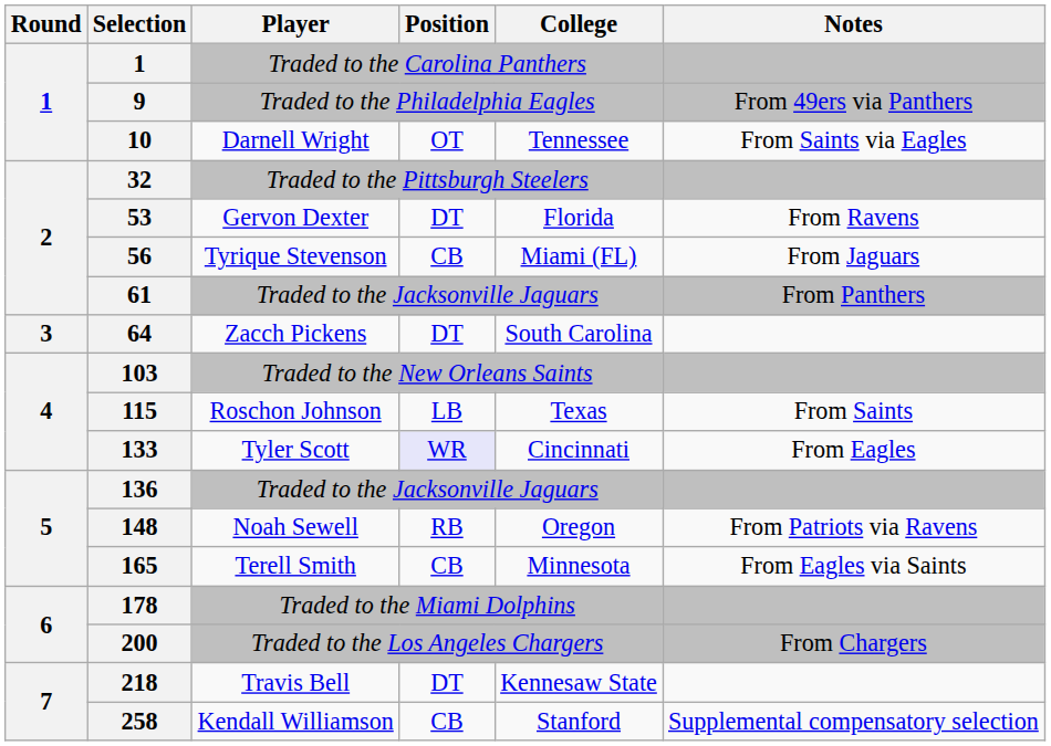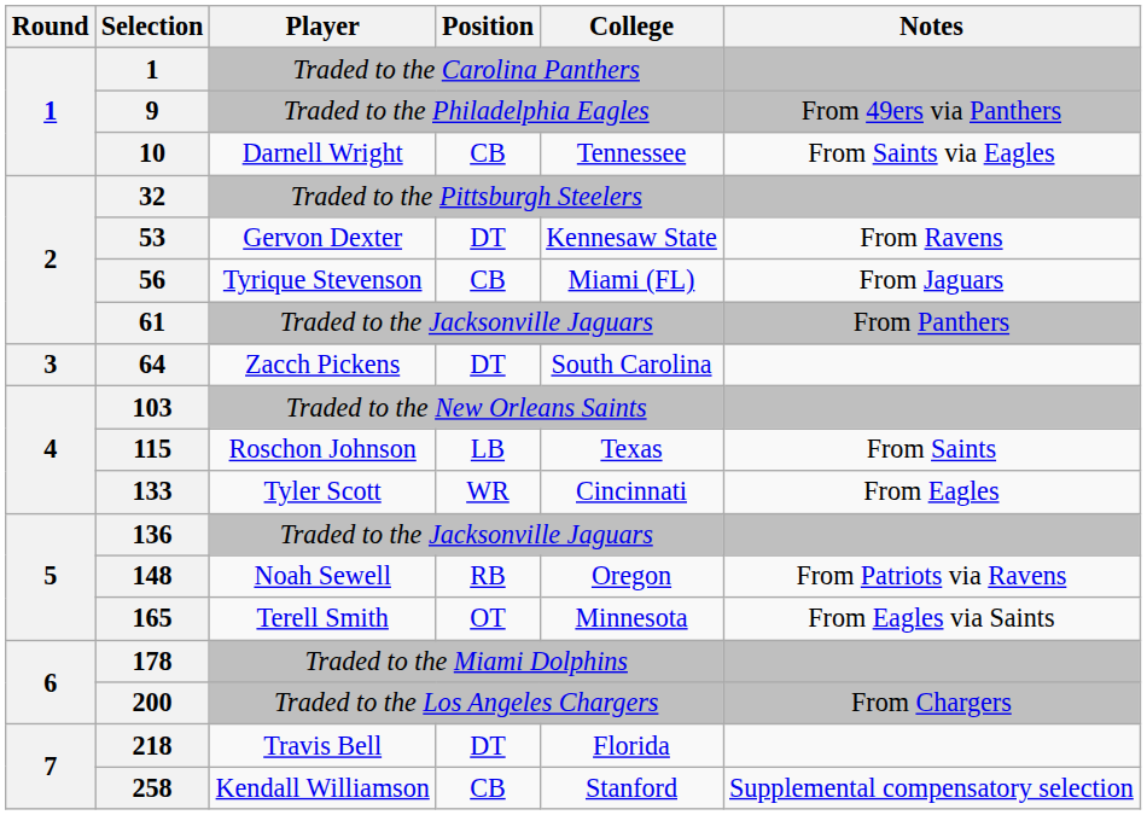 <table class="wikitable" style="text-align:center">
 <tr>
 <th>Round</th>
 <th>Selection</th>
 <th>Player</th>
 <th>Position</th>
 <th>College</th>
 <th>Notes</th>
 </tr>
 <tr>
 <th rowspan="3"><a href='#'>1</a></th>
 <th>1</th>
 <td colspan="3" style="background:#BFBFBF"><em>Traded to the <a href='#'>Carolina Panthers</a></em></td>
 <td style="background:#BFBFBF"></td>
 </tr>
 <tr>
 <th>9</th>
 <td colspan="3" style="background:#BFBFBF"><em>Traded to the <a href='#'>Philadelphia Eagles</a></em></td>
 <td style="background:#BFBFBF">From <a href='#'>49ers</a> via <a href='#'>Panthers</a></td>
 </tr>
 <tr>
 <th>10</th>
 <td><a href='#'>Darnell Wright</a></td>
-<td><a href='#'>OT</a></td>
+<td><a href='#'>CB</a></td>
 <td><a href='#'>Tennessee</a></td>
 <td>From <a href='#'>Saints</a> via <a href='#'>Eagles</a></td>
 </tr>
 <tr>
 <th rowspan="4">2</th>
 <th>32</th>
 <td colspan="3" style="background:#BFBFBF"><em>Traded to the <a href='#'>Pittsburgh Steelers</a></em></td>
 <td style="background:#BFBFBF"></td>
 </tr>
 <tr>
 <th>53</th>
 <td><a href='#'>Gervon Dexter</a></td>
 <td><a href='#'>DT</a></td>
-<td><a href='#'>Florida</a></td>
+<td><a href='#'>Kennesaw State</a></td>
 <td>From <a href='#'>Ravens</a></td>
 </tr>
 <tr>
 <th>56</th>
 <td><a href='#'>Tyrique Stevenson</a></td>
 <td><a href='#'>CB</a></td>
 <td><a href='#'>Miami (FL)</a></td>
 <td>From <a href='#'>Jaguars</a></td>
 </tr>
 <tr>
 <th>61</th>
 <td colspan="3" style="background:#BFBFBF"><em>Traded to the <a href='#'>Jacksonville Jaguars</a></em></td>
 <td style="background:#BFBFBF">From <a href='#'>Panthers</a></td>
 </tr>
 <tr>
 <th>3</th>
 <th>64</th>
 <td><a href='#'>Zacch Pickens</a></td>
 <td><a href='#'>DT</a></td>
 <td><a href='#'>South Carolina</a></td>
 <td></td>
 </tr>
 <tr>
 <th rowspan="3">4</th>
 <th>103</th>
 <td colspan="3" style="background:#BFBFBF"><em>Traded to the <a href='#'>New Orleans Saints</a></em></td>
 <td style="background:#BFBFBF"></td>
 </tr>
 <tr>
 <th>115</th>
 <td><a href='#'>Roschon Johnson</a></td>
 <td><a href='#'>LB</a></td>
 <td><a href='#'>Texas</a></td>
 <td>From <a href='#'>Saints</a></td>
 </tr>
 <tr>
 <th>133</th>
 <td><a href='#'>Tyler Scott</a></td>
-<td style="background: lavender;"><a href='#'>WR</a></td>
+<td><a href='#'>WR</a></td>
 <td><a href='#'>Cincinnati</a></td>
 <td>From <a href='#'>Eagles</a></td>
 </tr>
 <tr>
 <th rowspan="3">5</th>
 <th>136</th>
 <td colspan="3" style="background:#BFBFBF"><em>Traded to the <a href='#'>Jacksonville Jaguars</a></em></td>
 <td style="background:#BFBFBF"></td>
 </tr>
 <tr>
 <th>148</th>
 <td><a href='#'>Noah Sewell</a></td>
 <td><a href='#'>RB</a></td>
 <td><a href='#'>Oregon</a></td>
 <td>From <a href='#'>Patriots</a> via <a href='#'>Ravens</a></td>
 </tr>
 <tr>
 <th>165</th>
 <td><a href='#'>Terell Smith</a></td>
-<td><a href='#'>CB</a></td>
+<td><a href='#'>OT</a></td>
 <td><a href='#'>Minnesota</a></td>
 <td>From <a href='#'>Eagles</a> via Saints</td>
 </tr>
 <tr>
 <th rowspan="2">6</th>
 <th>178</th>
 <td colspan="3" style="background:#BFBFBF"><em>Traded to the <a href='#'>Miami Dolphins</a></em></td>
 <td style="background:#BFBFBF"></td>
 </tr>
 <tr>
 <th>200</th>
 <td colspan="3" style="background:#BFBFBF"><em>Traded to the <a href='#'>Los Angeles Chargers</a></em></td>
 <td style="background:#BFBFBF">From <a href='#'>Chargers</a></td>
 </tr>
 <tr>
 <th rowspan="2">7</th>
 <th>218</th>
 <td><a href='#'>Travis Bell</a></td>
 <td><a href='#'>DT</a></td>
-<td><a href='#'>Kennesaw State</a></td>
+<td><a href='#'>Florida</a></td>
 <td></td>
 </tr>
 <tr>
 <th>258</th>
 <td><a href='#'>Kendall Williamson</a></td>
 <td><a href='#'>CB</a></td>
 <td><a href='#'>Stanford</a></td>
 <td><a href='#'>Supplemental compensatory selection</a></td>
 </tr>
 </table>
